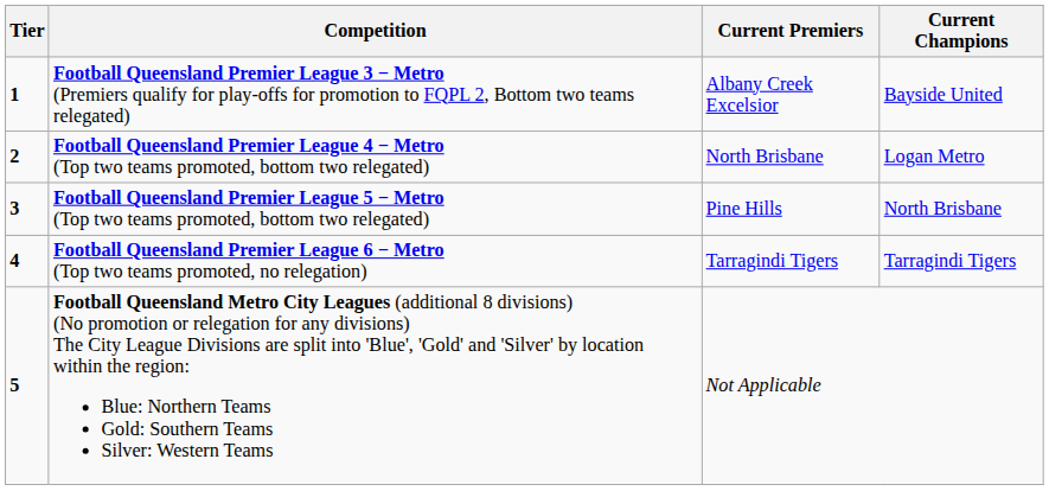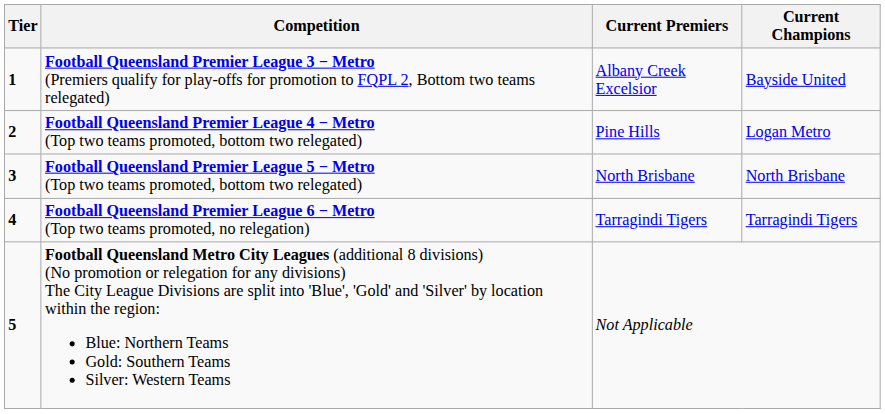 <table class="wikitable">
 <tr>
 <th>Tier</th>
 <th>Competition</th>
 <th>Current Premiers</th>
 <th>Current Champions</th>
 </tr>
 <tr>
 <td><strong>1</strong></td>
 <td><strong><a href='#'>Football Queensland Premier League 3 − Metro</a></strong><br>(Premiers qualify for play-offs for promotion to <a href='#'>FQPL 2</a>, Bottom two teams relegated)</td>
 <td><a href='#'>Albany Creek Excelsior</a></td>
 <td><a href='#'>Bayside United</a></td>
 </tr>
 <tr>
 <td><strong>2</strong></td>
 <td><strong><a href='#'>Football Queensland Premier League 4 − Metro</a></strong><br>(Top two teams promoted, bottom two relegated)</td>
-<td><a href='#'>North Brisbane</a></td>
+<td><a href='#'>Pine Hills</a></td>
 <td><a href='#'>Logan Metro</a></td>
 </tr>
 <tr>
 <td><strong>3</strong></td>
 <td><strong><a href='#'>Football Queensland Premier League 5 − Metro</a></strong><br>(Top two teams promoted, bottom two relegated)</td>
-<td><a href='#'>Pine Hills</a></td>
+<td><a href='#'>North Brisbane</a></td>
 <td><a href='#'>North Brisbane</a></td>
 </tr>
 <tr>
 <td><strong>4</strong></td>
 <td><strong><a href='#'>Football Queensland Premier League 6 − Metro</a></strong><br>(Top two teams promoted, no relegation)</td>
 <td><a href='#'>Tarragindi Tigers</a></td>
 <td><a href='#'>Tarragindi Tigers</a></td>
 </tr>
 <tr>
 <td><strong>5</strong></td>
 <td><strong>Football Queensland Metro City Leagues</strong> (additional 8 divisions)<br>(No promotion or relegation for any divisions)<br>The City League Divisions are split into 'Blue', 'Gold' and 'Silver' by location within the region:<ul><li>Blue: Northern Teams</li><li>Gold: Southern Teams</li><li>Silver: Western Teams</li></ul></td>
 <td colspan="2"><em>Not Applicable</em></td>
 </tr>
 </table>
